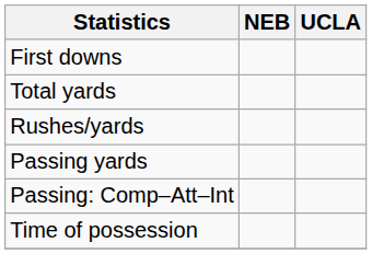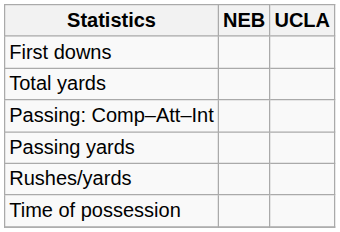 <table class="wikitable" style="float: left;">
 <tr>
 <th>Statistics</th>
 <th>NEB</th>
 <th>UCLA</th>
 </tr>
 <tr>
 <td>First downs</td>
 <td></td>
 <td></td>
 </tr>
 <tr>
 <td>Total yards</td>
 <td></td>
 <td></td>
 </tr>
 <tr>
-<td>Rushes/yards</td>
+<td>Passing: Comp–Att–Int</td>
 <td></td>
 <td></td>
 </tr>
 <tr>
 <td>Passing yards</td>
 <td></td>
 <td></td>
 </tr>
 <tr>
-<td>Passing: Comp–Att–Int</td>
+<td>Rushes/yards</td>
 <td></td>
 <td></td>
 </tr>
 <tr>
 <td>Time of possession</td>
 <td></td>
 <td></td>
 </tr>
 <tr>
 </tr>
 </table>
